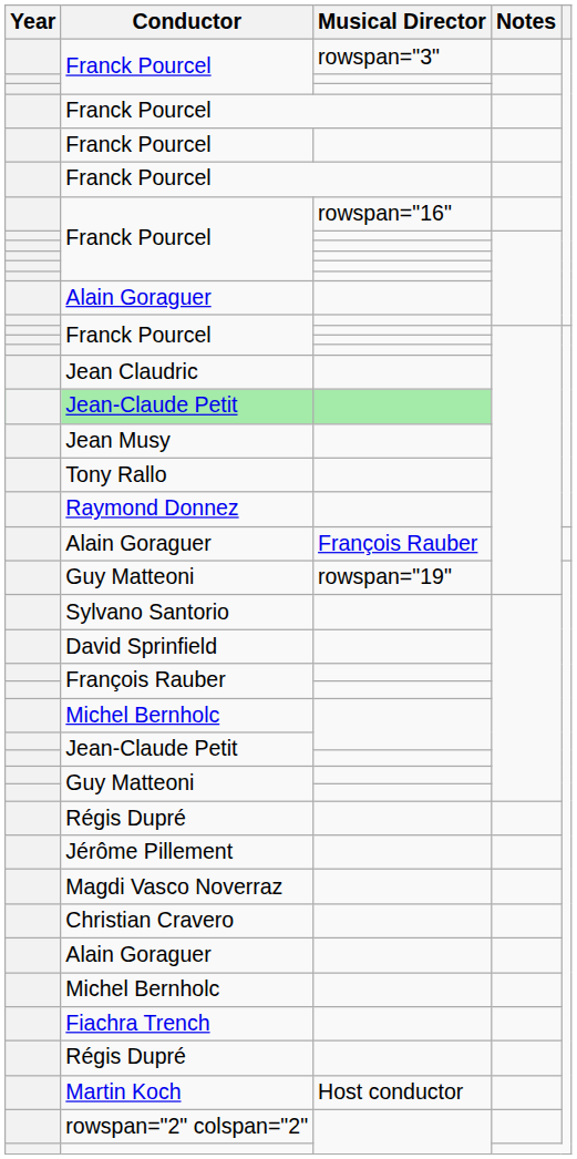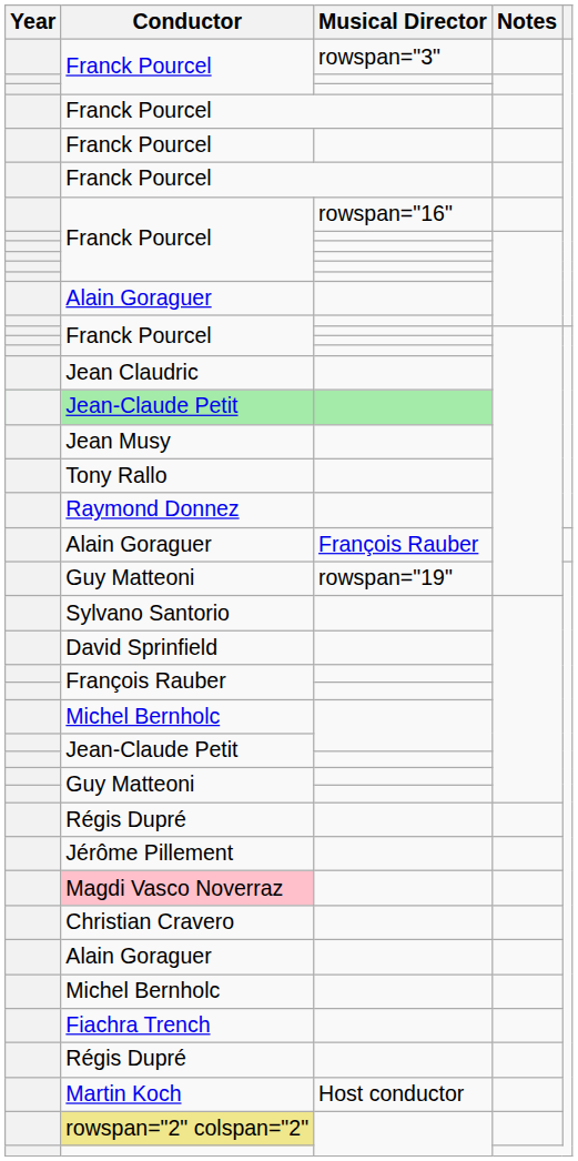 <table class="wikitable plainrowheaders">
 <tr>
 <th>Year</th>
 <th>Conductor</th>
 <th>Musical Director</th>
 <th>Notes</th>
 <th></th>
 </tr>
 <tr>
 <th scope="row"></th>
 <td rowspan="3"><a href='#'>Franck Pourcel</a></td>
 <td>rowspan="3" </td>
 <td></td>
 <td rowspan="14"></td>
 </tr>
 <tr>
 <th scope="row"></th>
 <td></td>
 </tr>
 <tr>
 <th scope="row"></th>
 <td></td>
 </tr>
 <tr>
 <th scope="row"></th>
 <td colspan="2">Franck Pourcel</td>
 <td></td>
 </tr>
 <tr>
 <th scope="row"></th>
 <td>Franck Pourcel</td>
 <td></td>
 <td></td>
 </tr>
 <tr>
 <th scope="row"></th>
 <td colspan="2">Franck Pourcel</td>
 <td></td>
 </tr>
 <tr>
 <th scope="row"></th>
 <td rowspan="6">Franck Pourcel</td>
 <td>rowspan="16" </td>
 <td></td>
 </tr>
 <tr>
 <th scope="row"></th>
 <td></td>
 </tr>
 <tr>
 <th scope="row"></th>
 <td></td>
 </tr>
 <tr>
 <th scope="row"></th>
 <td></td>
 </tr>
 <tr>
 <th scope="row"></th>
 <td></td>
 </tr>
 <tr>
 <th scope="row"></th>
 <td></td>
 </tr>
 <tr>
 <th scope="row"></th>
 <td><a href='#'>Alain Goraguer</a></td>
 <td></td>
 </tr>
 <tr>
 <th scope="row"></th>
 <td rowspan="4">Franck Pourcel</td>
 <td></td>
 </tr>
 <tr>
 <th scope="row"></th>
 <td></td>
 <td rowspan="10"></td>
 </tr>
 <tr>
 <th scope="row"></th>
 <td></td>
 </tr>
 <tr>
 <th scope="row"></th>
 <td></td>
 </tr>
 <tr>
 <th scope="row"></th>
 <td>Jean Claudric</td>
 <td></td>
 </tr>
 <tr bgcolor="#A4EAA9">
 <th scope="row"></th>
 <td><a href='#'>Jean-Claude Petit</a></td>
 <td></td>
 </tr>
 <tr>
 <th scope="row"></th>
 <td>Jean Musy</td>
 <td></td>
 </tr>
 <tr>
 <th scope="row"></th>
 <td>Tony Rallo</td>
 <td></td>
 </tr>
 <tr>
 <th scope="row"></th>
 <td><a href='#'>Raymond Donnez</a></td>
 <td></td>
 </tr>
 <tr>
 <th scope="row"></th>
 <td>Alain Goraguer</td>
 <td><a href='#'>François Rauber</a></td>
 <td></td>
 </tr>
 <tr>
 <th scope="row"></th>
 <td>Guy Matteoni</td>
 <td>rowspan="19" </td>
 </tr>
 <tr>
 <th scope="row"></th>
 <td> Sylvano Santorio</td>
 <td></td>
 <td rowspan="9"></td>
 </tr>
 <tr>
 <th scope="row"></th>
 <td>David Sprinfield</td>
 <td></td>
 </tr>
 <tr>
 <th scope="row"></th>
 <td rowspan="2">François Rauber</td>
 <td></td>
 </tr>
 <tr>
 <th scope="row"></th>
 <td></td>
 </tr>
 <tr>
 <th scope="row"></th>
 <td><a href='#'>Michel Bernholc</a></td>
 <td rowspan="2"></td>
 </tr>
 <tr>
 <th scope="row"></th>
 <td rowspan="2">Jean-Claude Petit</td>
 </tr>
 <tr>
 <th scope="row"></th>
 <td></td>
 </tr>
 <tr>
 <th scope="row"></th>
 <td rowspan="2">Guy Matteoni</td>
 <td></td>
 </tr>
 <tr>
 <th scope="row"></th>
 <td></td>
 </tr>
 <tr>
 <th scope="row"></th>
 <td>Régis Dupré</td>
 <td></td>
 <td></td>
 </tr>
 <tr>
 <th scope="row"></th>
 <td>Jérôme Pillement</td>
 <td></td>
 <td></td>
 </tr>
 <tr>
 <th scope="row"></th>
-<td>Magdi Vasco Noverraz</td>
+<td style="background: pink;">Magdi Vasco Noverraz</td>
 <td></td>
 <td></td>
 </tr>
 <tr>
 <th scope="row"></th>
 <td>Christian Cravero</td>
 <td></td>
 <td></td>
 </tr>
 <tr>
 <th scope="row"></th>
 <td>Alain Goraguer</td>
 <td></td>
 <td></td>
 </tr>
 <tr>
 <th scope="row"></th>
 <td>Michel Bernholc</td>
 <td></td>
 <td></td>
 </tr>
 <tr>
 <th scope="row"></th>
 <td> <a href='#'>Fiachra Trench</a></td>
 <td></td>
 <td></td>
 </tr>
 <tr>
 <th scope="row"></th>
 <td>Régis Dupré</td>
 <td></td>
 <td></td>
 </tr>
 <tr>
 <th scope="row"></th>
 <td> <a href='#'>Martin Koch</a></td>
 <td>Host conductor</td>
 <td></td>
 </tr>
 <tr>
 <th scope="row"></th>
-<td>rowspan="2" colspan="2" </td>
+<td style="background: khaki;">rowspan="2" colspan="2" </td>
 <td rowspan=2></td>
 <td></td>
 </tr>
 <tr>
 <th scope="row"></th>
 <td></td>
 </tr>
 </table>
